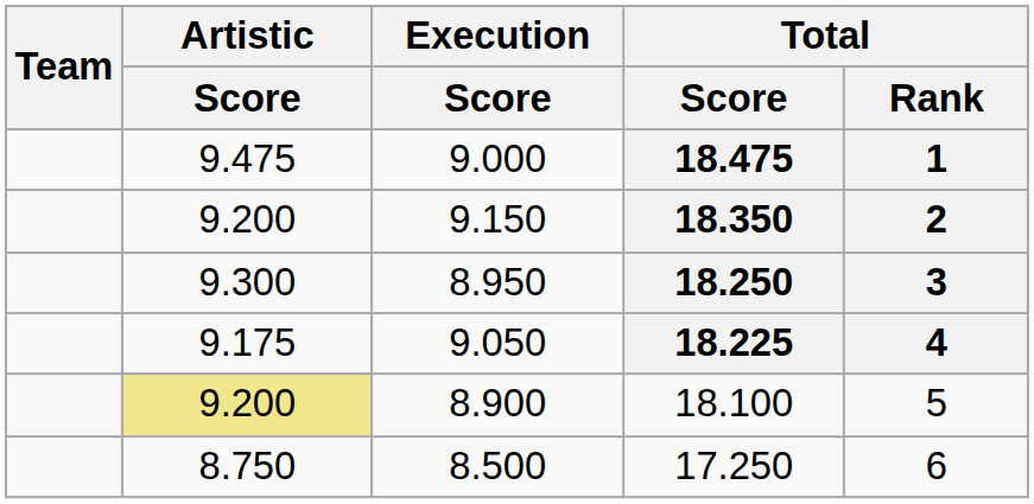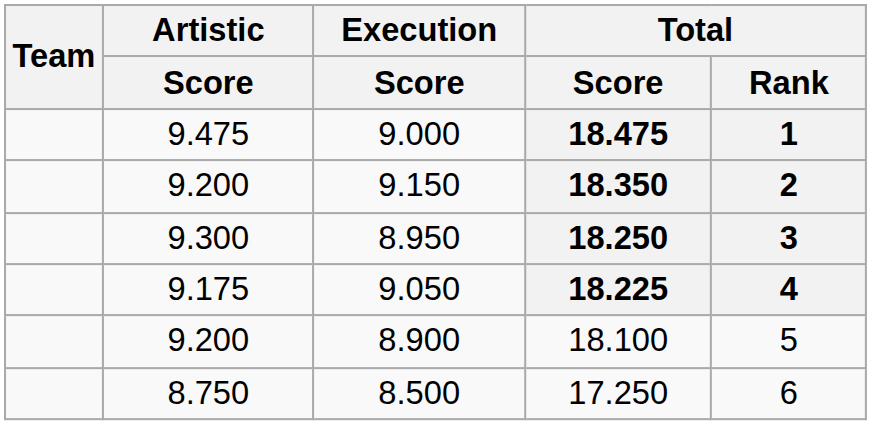 <table class="wikitable" style="text-align:center">
 <tr>
 <th rowspan=2>Team</th>
 <th style="width:6em">Artistic</th>
 <th style="width:6em">Execution</th>
 <th style="width:10em" colspan=2>Total</th>
 </tr>
 <tr>
 <th>Score</th>
 <th>Score</th>
 <th>Score</th>
 <th>Rank</th>
 </tr>
 <tr>
 <td align="left"></td>
 <td>9.475</td>
 <td>9.000</td>
 <th>18.475</th>
 <th>1</th>
 </tr>
 <tr>
 <td align="left"></td>
 <td>9.200</td>
 <td>9.150</td>
 <th>18.350</th>
 <th>2</th>
 </tr>
 <tr>
 <td align="left"></td>
 <td>9.300</td>
 <td>8.950</td>
 <th>18.250</th>
 <th>3</th>
 </tr>
 <tr>
 <td align="left"></td>
 <td>9.175</td>
 <td>9.050</td>
 <th>18.225</th>
 <th>4</th>
 </tr>
 <tr>
 <td align="left"></td>
-<td style="background: khaki;">9.200</td>
+<td>9.200</td>
 <td>8.900</td>
 <td>18.100</td>
 <td>5</td>
 </tr>
 <tr>
 <td align="left"></td>
 <td>8.750</td>
 <td>8.500</td>
 <td>17.250</td>
 <td>6</td>
 </tr>
 </table>
